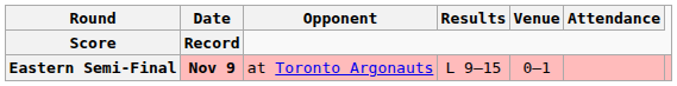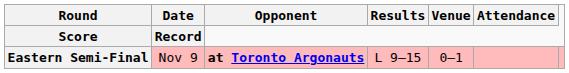 <table class="wikitable" style="text-align:center">
 <tr>
 <th>Round</th>
 <th>Date</th>
 <th>Opponent</th>
 <th>Results</th>
 <th>Venue</th>
 <th>Attendance</th>
 </tr>
 <tr>
 <th>Score</th>
 <th>Record</th>
 </tr>
 <tr style="background:#ffbbbb">
 <th>Eastern Semi-Final</th>
-<td><strong>Nov 9</strong></td>
-<td>at <a href='#'>Toronto Argonauts</a></td>
+<td>Nov 9</td>
+<td><strong>at <a href='#'>Toronto Argonauts</a></strong></td>
 <td>L 9–15</td>
 <td>0–1</td>
 <td></td>
 <td></td>
 </tr>
 </table>
